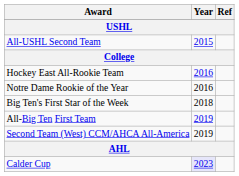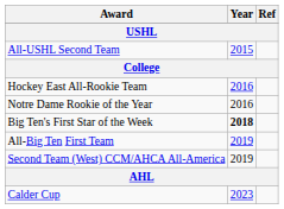 <table class="wikitable">
 <tr>
 <th>Award</th>
 <th>Year</th>
 <th>Ref</th>
 </tr>
 <tr>
 </tr>
 <tr>
 <th colspan="3"><a href='#'>USHL</a></th>
 </tr>
 <tr>
 <td><a href='#'>All-USHL Second Team</a></td>
 <td><a href='#'>2015</a></td>
 <td></td>
 </tr>
 <tr>
 <th colspan="3"><a href='#'>College</a></th>
 </tr>
 <tr>
 <td>Hockey East All-Rookie Team</td>
 <td><a href='#'>2016</a></td>
 <td></td>
 </tr>
 <tr>
 <td>Notre Dame Rookie of the Year</td>
 <td>2016</td>
 <td></td>
 </tr>
 <tr>
 <td>Big Ten's First Star of the Week</td>
-<td>2018</td>
+<td><strong>2018</strong></td>
 <td></td>
 </tr>
 <tr>
 <td>All-<a href='#'>Big Ten</a> <a href='#'>First Team</a></td>
 <td><a href='#'>2019</a></td>
 <td></td>
 </tr>
 <tr>
 <td><a href='#'>Second Team (West) CCM/AHCA All-America</a></td>
 <td>2019</td>
 <td></td>
 </tr>
 <tr>
 <th colspan="3"><a href='#'>AHL</a></th>
 </tr>
 <tr>
 <td><a href='#'>Calder Cup</a></td>
-<td style="background: lavender;"><a href='#'>2023</a></td>
+<td><a href='#'>2023</a></td>
 <td></td>
 </tr>
 </table>
